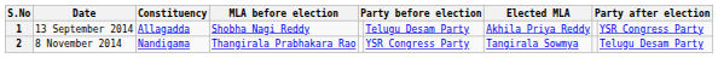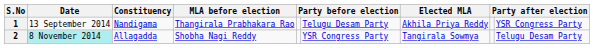 <table class="wikitable sortable">
 <tr>
 <th>S.No</th>
 <th>Date</th>
 <th>Constituency</th>
 <th>MLA before election</th>
 <th colspan="2">Party before election</th>
 <th>Elected MLA</th>
 <th colspan="2">Party after election</th>
 </tr>
 <tr>
 <th>1</th>
 <td>13 September 2014</td>
-<td><a href='#'>Allagadda</a></td>
-<td><a href='#'>Shobha Nagi Reddy</a></td>
+<td><a href='#'>Nandigama</a></td>
+<td><a href='#'>Thangirala Prabhakara Rao</a></td>
 <td></td>
 <td><a href='#'>Telugu Desam Party</a></td>
 <td><a href='#'>Akhila Priya Reddy</a></td>
 <td></td>
 <td><a href='#'>YSR Congress Party</a></td>
 </tr>
 <tr>
 <th>2</th>
-<td>8 November 2014</td>
-<td><a href='#'>Nandigama</a></td>
-<td><a href='#'>Thangirala Prabhakara Rao</a></td>
+<td style="background: paleturquoise;">8 November 2014</td>
+<td><a href='#'>Allagadda</a></td>
+<td><a href='#'>Shobha Nagi Reddy</a></td>
 <td></td>
 <td><a href='#'>YSR Congress Party</a></td>
 <td><a href='#'>Tangirala Sowmya</a></td>
 <td></td>
 <td><a href='#'>Telugu Desam Party</a></td>
 </tr>
 </table>
